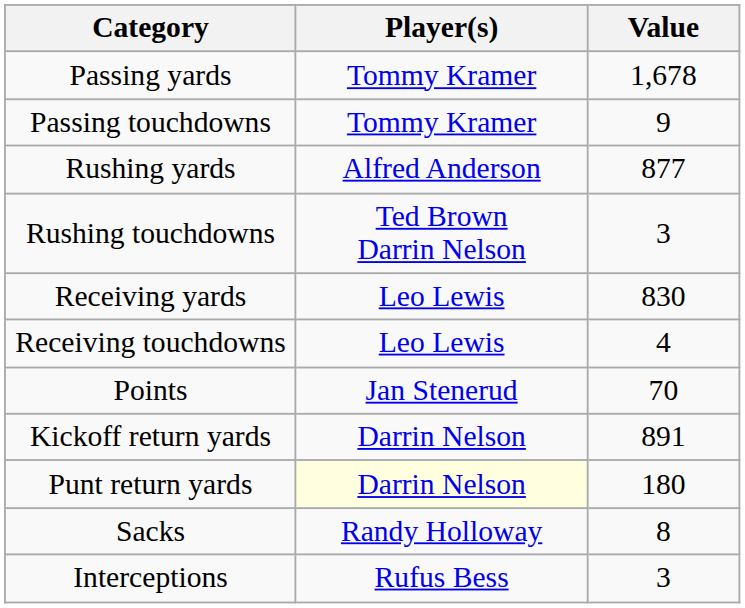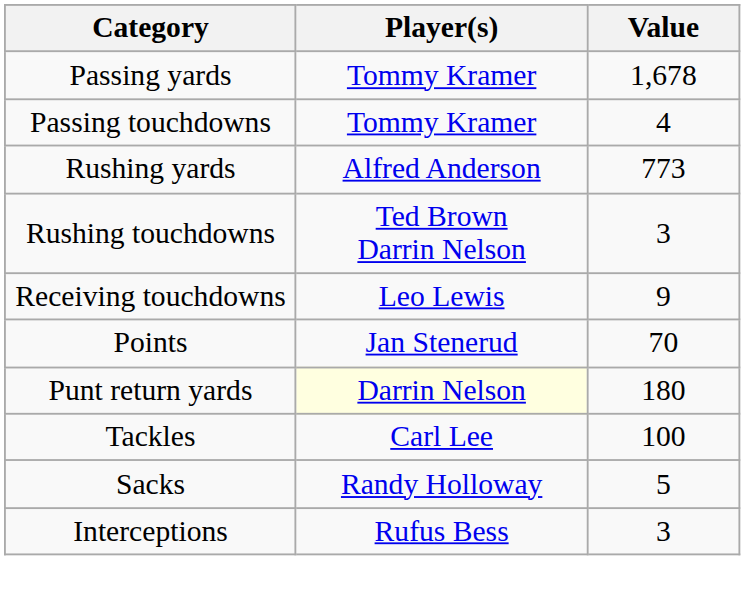 <table class="wikitable" style="text-align:center">
 <tr>
 <th width=150px>Category</th>
 <th width=150px>Player(s)</th>
 <th width=75px>Value</th>
 </tr>
 <tr>
 <td>Passing yards</td>
 <td><a href='#'>Tommy Kramer</a></td>
 <td>1,678</td>
 </tr>
 <tr>
 <td>Passing touchdowns</td>
 <td><a href='#'>Tommy Kramer</a></td>
-<td>9</td>
+<td>4</td>
 </tr>
 <tr>
 <td>Rushing yards</td>
 <td><a href='#'>Alfred Anderson</a></td>
-<td>877</td>
+<td>773</td>
 </tr>
 <tr>
 <td>Rushing touchdowns</td>
 <td><a href='#'>Ted Brown</a> <br> <a href='#'>Darrin Nelson</a></td>
 <td>3</td>
 </tr>
 <tr>
-<td>Receiving yards</td>
-<td><a href='#'>Leo Lewis</a></td>
-<td>830</td>
-</tr>
-<tr>
 <td>Receiving touchdowns</td>
 <td><a href='#'>Leo Lewis</a></td>
-<td>4</td>
+<td>9</td>
 </tr>
 <tr>
 <td>Points</td>
 <td><a href='#'>Jan Stenerud</a></td>
 <td>70</td>
 </tr>
 <tr>
-<td>Kickoff return yards</td>
-<td><a href='#'>Darrin Nelson</a></td>
-<td>891</td>
-</tr>
-<tr>
 <td>Punt return yards</td>
 <td style="background: lightyellow;"><a href='#'>Darrin Nelson</a></td>
 <td>180</td>
 </tr>
 <tr>
+<td>Tackles</td>
+<td><a href='#'>Carl Lee</a></td>
+<td>100</td>
+</tr>
+<tr>
 <td>Sacks</td>
 <td><a href='#'>Randy Holloway</a></td>
-<td>8</td>
+<td>5</td>
 </tr>
 <tr>
 <td>Interceptions</td>
 <td><a href='#'>Rufus Bess</a></td>
 <td>3</td>
 </tr>
 </table>
